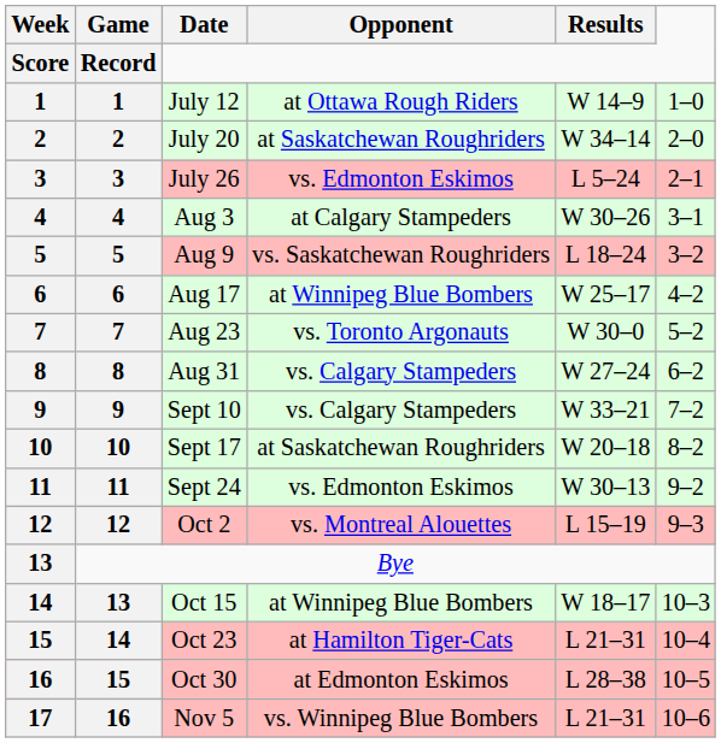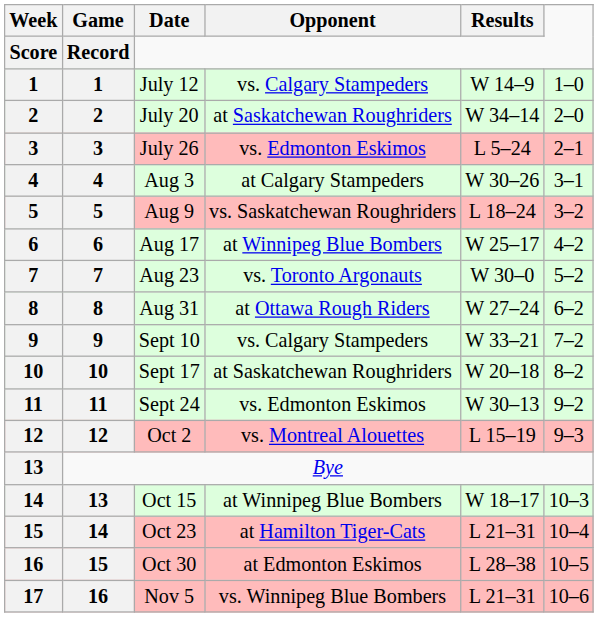 <table class="wikitable" style="text-align:center">
 <tr>
 <th>Week</th>
 <th>Game</th>
 <th>Date</th>
 <th>Opponent</th>
 <th>Results</th>
 </tr>
 <tr>
 <th>Score</th>
 <th>Record</th>
 </tr>
 <tr style="background:#ddffdd">
 <th>1</th>
 <th>1</th>
 <td>July 12</td>
-<td>at <a href='#'>Ottawa Rough Riders</a></td>
+<td>vs. <a href='#'>Calgary Stampeders</a></td>
 <td>W 14–9</td>
 <td>1–0</td>
 </tr>
 <tr style="background:#ddffdd">
 <th>2</th>
 <th>2</th>
 <td>July 20</td>
 <td>at <a href='#'>Saskatchewan Roughriders</a></td>
 <td>W 34–14</td>
 <td>2–0</td>
 </tr>
 <tr style="background:#ffbbbb">
 <th>3</th>
 <th>3</th>
 <td>July 26</td>
 <td>vs. <a href='#'>Edmonton Eskimos</a></td>
 <td>L 5–24</td>
 <td>2–1</td>
 </tr>
 <tr style="background:#ddffdd">
 <th>4</th>
 <th>4</th>
 <td>Aug 3</td>
 <td>at Calgary Stampeders</td>
 <td>W 30–26</td>
 <td>3–1</td>
 </tr>
 <tr style="background:#ffbbbb">
 <th>5</th>
 <th>5</th>
 <td>Aug 9</td>
 <td>vs. Saskatchewan Roughriders</td>
 <td>L 18–24</td>
 <td>3–2</td>
 </tr>
 <tr style="background:#ddffdd">
 <th>6</th>
 <th>6</th>
 <td>Aug 17</td>
 <td>at <a href='#'>Winnipeg Blue Bombers</a></td>
 <td>W 25–17</td>
 <td>4–2</td>
 </tr>
 <tr style="background:#ddffdd">
 <th>7</th>
 <th>7</th>
 <td>Aug 23</td>
 <td>vs. <a href='#'>Toronto Argonauts</a></td>
 <td>W 30–0</td>
 <td>5–2</td>
 </tr>
 <tr style="background:#ddffdd">
 <th>8</th>
 <th>8</th>
 <td>Aug 31</td>
-<td>vs. <a href='#'>Calgary Stampeders</a></td>
+<td>at <a href='#'>Ottawa Rough Riders</a></td>
 <td>W 27–24</td>
 <td>6–2</td>
 </tr>
 <tr style="background:#ddffdd">
 <th>9</th>
 <th>9</th>
 <td>Sept 10</td>
 <td>vs. Calgary Stampeders</td>
 <td>W 33–21</td>
 <td>7–2</td>
 </tr>
 <tr style="background:#ddffdd">
 <th>10</th>
 <th>10</th>
 <td>Sept 17</td>
 <td>at Saskatchewan Roughriders</td>
 <td>W 20–18</td>
 <td>8–2</td>
 </tr>
 <tr style="background:#ddffdd">
 <th>11</th>
 <th>11</th>
 <td>Sept 24</td>
 <td>vs. Edmonton Eskimos</td>
 <td>W 30–13</td>
 <td>9–2</td>
 </tr>
 <tr style="background:#ffbbbb">
 <th>12</th>
 <th>12</th>
 <td>Oct 2</td>
 <td>vs. <a href='#'>Montreal Alouettes</a></td>
 <td>L 15–19</td>
 <td>9–3</td>
 </tr>
 <tr>
 <th>13</th>
 <td colspan=7><em><a href='#'>Bye</a></em></td>
 </tr>
 <tr style="background:#ddffdd">
 <th>14</th>
 <th>13</th>
 <td>Oct 15</td>
 <td>at Winnipeg Blue Bombers</td>
 <td>W 18–17</td>
 <td>10–3</td>
 </tr>
 <tr style="background:#ffbbbb">
 <th>15</th>
 <th>14</th>
 <td>Oct 23</td>
 <td>at <a href='#'>Hamilton Tiger-Cats</a></td>
 <td>L 21–31</td>
 <td>10–4</td>
 </tr>
 <tr style="background:#ffbbbb">
 <th>16</th>
 <th>15</th>
 <td>Oct 30</td>
 <td>at Edmonton Eskimos</td>
 <td>L 28–38</td>
 <td>10–5</td>
 </tr>
 <tr style="background:#ffbbbb">
 <th>17</th>
 <th>16</th>
 <td>Nov 5</td>
 <td>vs. Winnipeg Blue Bombers</td>
 <td>L 21–31</td>
 <td>10–6</td>
 </tr>
 </table>
